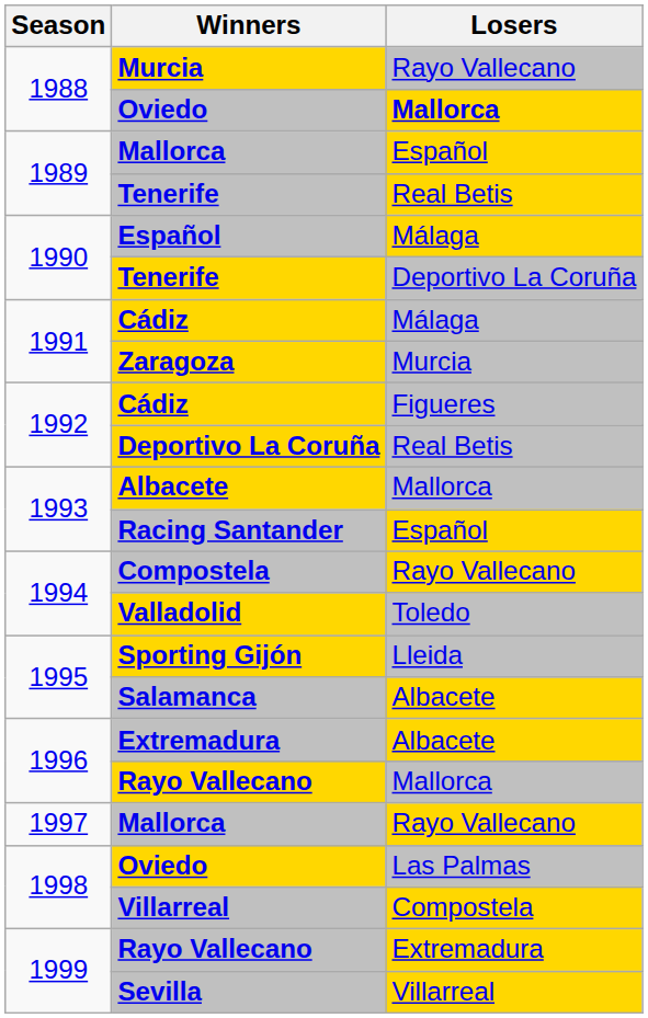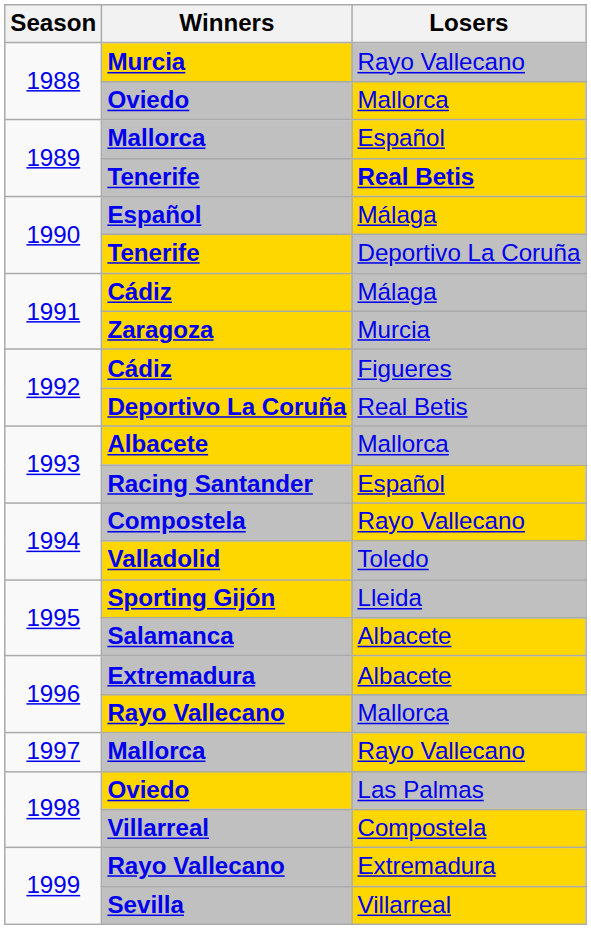 <table class="wikitable">
 <tr>
 <th>Season</th>
 <th>Winners</th>
 <th>Losers</th>
 </tr>
 <tr>
 <td rowspan=2 align=center><a href='#'>1988</a></td>
 <td bgcolor=gold><strong><a href='#'>Murcia</a></strong></td>
 <td bgcolor=silver><a href='#'>Rayo Vallecano</a></td>
 </tr>
 <tr>
 <td bgcolor=silver><strong><a href='#'>Oviedo</a></strong></td>
-<td bgcolor=gold><strong><a href='#'>Mallorca</a></strong></td>
+<td bgcolor=gold><a href='#'>Mallorca</a></td>
 </tr>
 <tr>
 <td rowspan=2 align=center><a href='#'>1989</a></td>
 <td bgcolor=silver><strong><a href='#'>Mallorca</a></strong></td>
 <td bgcolor=gold><a href='#'>Español</a></td>
 </tr>
 <tr>
 <td bgcolor=silver><strong><a href='#'>Tenerife</a></strong></td>
-<td bgcolor=gold><a href='#'>Real Betis</a></td>
+<td bgcolor=gold><strong><a href='#'>Real Betis</a></strong></td>
 </tr>
 <tr>
 <td rowspan=2 align=center><a href='#'>1990</a></td>
 <td bgcolor=silver><strong><a href='#'>Español</a></strong></td>
 <td bgcolor=gold><a href='#'>Málaga</a></td>
 </tr>
 <tr>
 <td bgcolor=gold><strong><a href='#'>Tenerife</a></strong></td>
 <td bgcolor=silver><a href='#'>Deportivo La Coruña</a></td>
 </tr>
 <tr>
 <td rowspan=2 align=center><a href='#'>1991</a></td>
 <td bgcolor=gold><strong><a href='#'>Cádiz</a></strong></td>
 <td bgcolor=silver><a href='#'>Málaga</a></td>
 </tr>
 <tr>
 <td bgcolor=gold><strong><a href='#'>Zaragoza</a></strong></td>
 <td bgcolor=silver><a href='#'>Murcia</a></td>
 </tr>
 <tr>
 <td rowspan=2 align=center><a href='#'>1992</a></td>
 <td bgcolor=gold><strong><a href='#'>Cádiz</a></strong></td>
 <td bgcolor=silver><a href='#'>Figueres</a></td>
 </tr>
 <tr>
 <td bgcolor=gold><strong><a href='#'>Deportivo La Coruña</a></strong></td>
 <td bgcolor=silver><a href='#'>Real Betis</a></td>
 </tr>
 <tr>
 <td rowspan=2 align=center><a href='#'>1993</a></td>
 <td bgcolor=gold><strong><a href='#'>Albacete</a></strong></td>
 <td bgcolor=silver><a href='#'>Mallorca</a></td>
 </tr>
 <tr>
 <td bgcolor=silver><strong><a href='#'>Racing Santander</a></strong></td>
 <td bgcolor=gold><a href='#'>Español</a></td>
 </tr>
 <tr>
 <td rowspan=2 align=center><a href='#'>1994</a></td>
 <td bgcolor=silver><strong><a href='#'>Compostela</a></strong></td>
 <td bgcolor=gold><a href='#'>Rayo Vallecano</a></td>
 </tr>
 <tr>
 <td bgcolor=gold><strong><a href='#'>Valladolid</a></strong></td>
 <td bgcolor=silver><a href='#'>Toledo</a></td>
 </tr>
 <tr>
 <td rowspan=2 align=center><a href='#'>1995</a></td>
 <td bgcolor=gold><strong><a href='#'>Sporting Gijón</a></strong></td>
 <td bgcolor=silver><a href='#'>Lleida</a></td>
 </tr>
 <tr>
 <td bgcolor=silver><strong><a href='#'>Salamanca</a></strong></td>
 <td bgcolor=gold><a href='#'>Albacete</a></td>
 </tr>
 <tr>
 <td rowspan=2 align=center><a href='#'>1996</a></td>
 <td bgcolor=silver><strong><a href='#'>Extremadura</a></strong></td>
 <td bgcolor=gold><a href='#'>Albacete</a></td>
 </tr>
 <tr>
 <td bgcolor=gold><strong><a href='#'>Rayo Vallecano</a></strong></td>
 <td bgcolor=silver><a href='#'>Mallorca</a></td>
 </tr>
 <tr>
 <td align=center><a href='#'>1997</a></td>
 <td bgcolor=silver><strong><a href='#'>Mallorca</a></strong></td>
 <td bgcolor=gold><a href='#'>Rayo Vallecano</a></td>
 </tr>
 <tr>
 <td rowspan=2 align=center><a href='#'>1998</a></td>
 <td bgcolor=gold><strong><a href='#'>Oviedo</a></strong></td>
 <td bgcolor=silver><a href='#'>Las Palmas</a></td>
 </tr>
 <tr>
 <td bgcolor=silver><strong><a href='#'>Villarreal</a></strong></td>
 <td bgcolor=gold><a href='#'>Compostela</a></td>
 </tr>
 <tr>
 <td rowspan=2 align=center><a href='#'>1999</a></td>
 <td bgcolor=silver><strong><a href='#'>Rayo Vallecano</a></strong></td>
 <td bgcolor=gold><a href='#'>Extremadura</a></td>
 </tr>
 <tr>
 <td bgcolor=silver><strong><a href='#'>Sevilla</a></strong></td>
 <td bgcolor=gold><a href='#'>Villarreal</a></td>
 </tr>
 </table>
